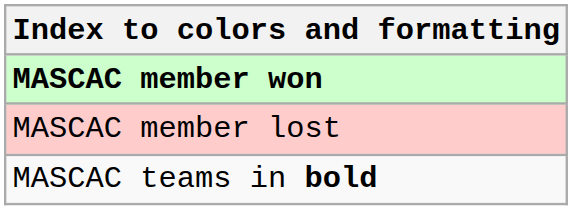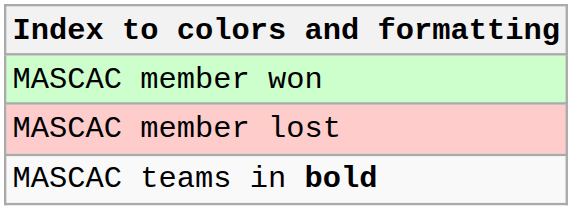 <table class="wikitable">
 <tr>
 <th>Index to colors and formatting</th>
 </tr>
 <tr style="background:#cfc;">
-<td><strong>MASCAC member won</strong></td>
+<td>MASCAC member won</td>
 </tr>
 <tr style="background:#fcc;">
 <td>MASCAC member lost</td>
 </tr>
 <tr>
 <td>MASCAC teams in <strong>bold</strong></td>
 </tr>
 </table>
